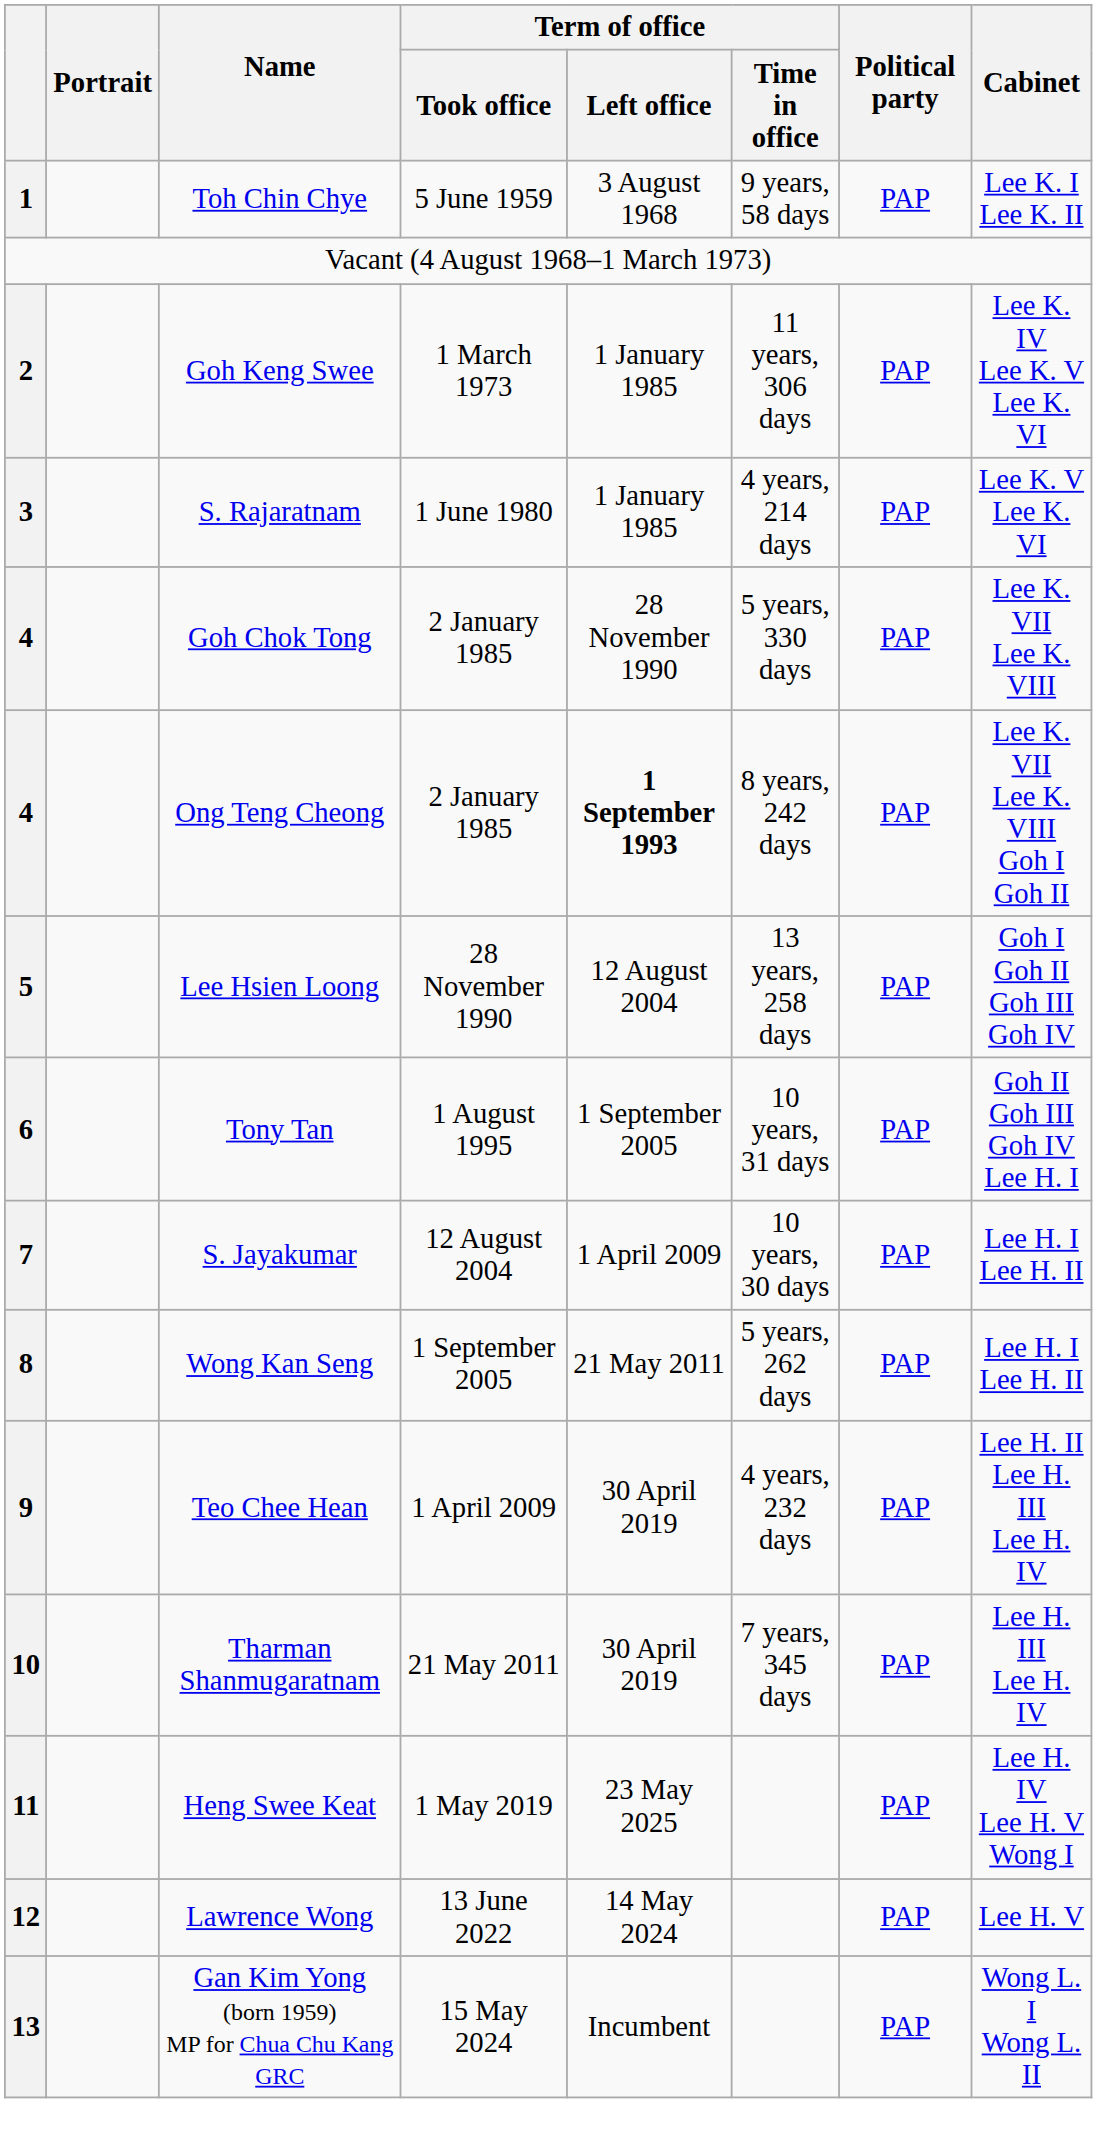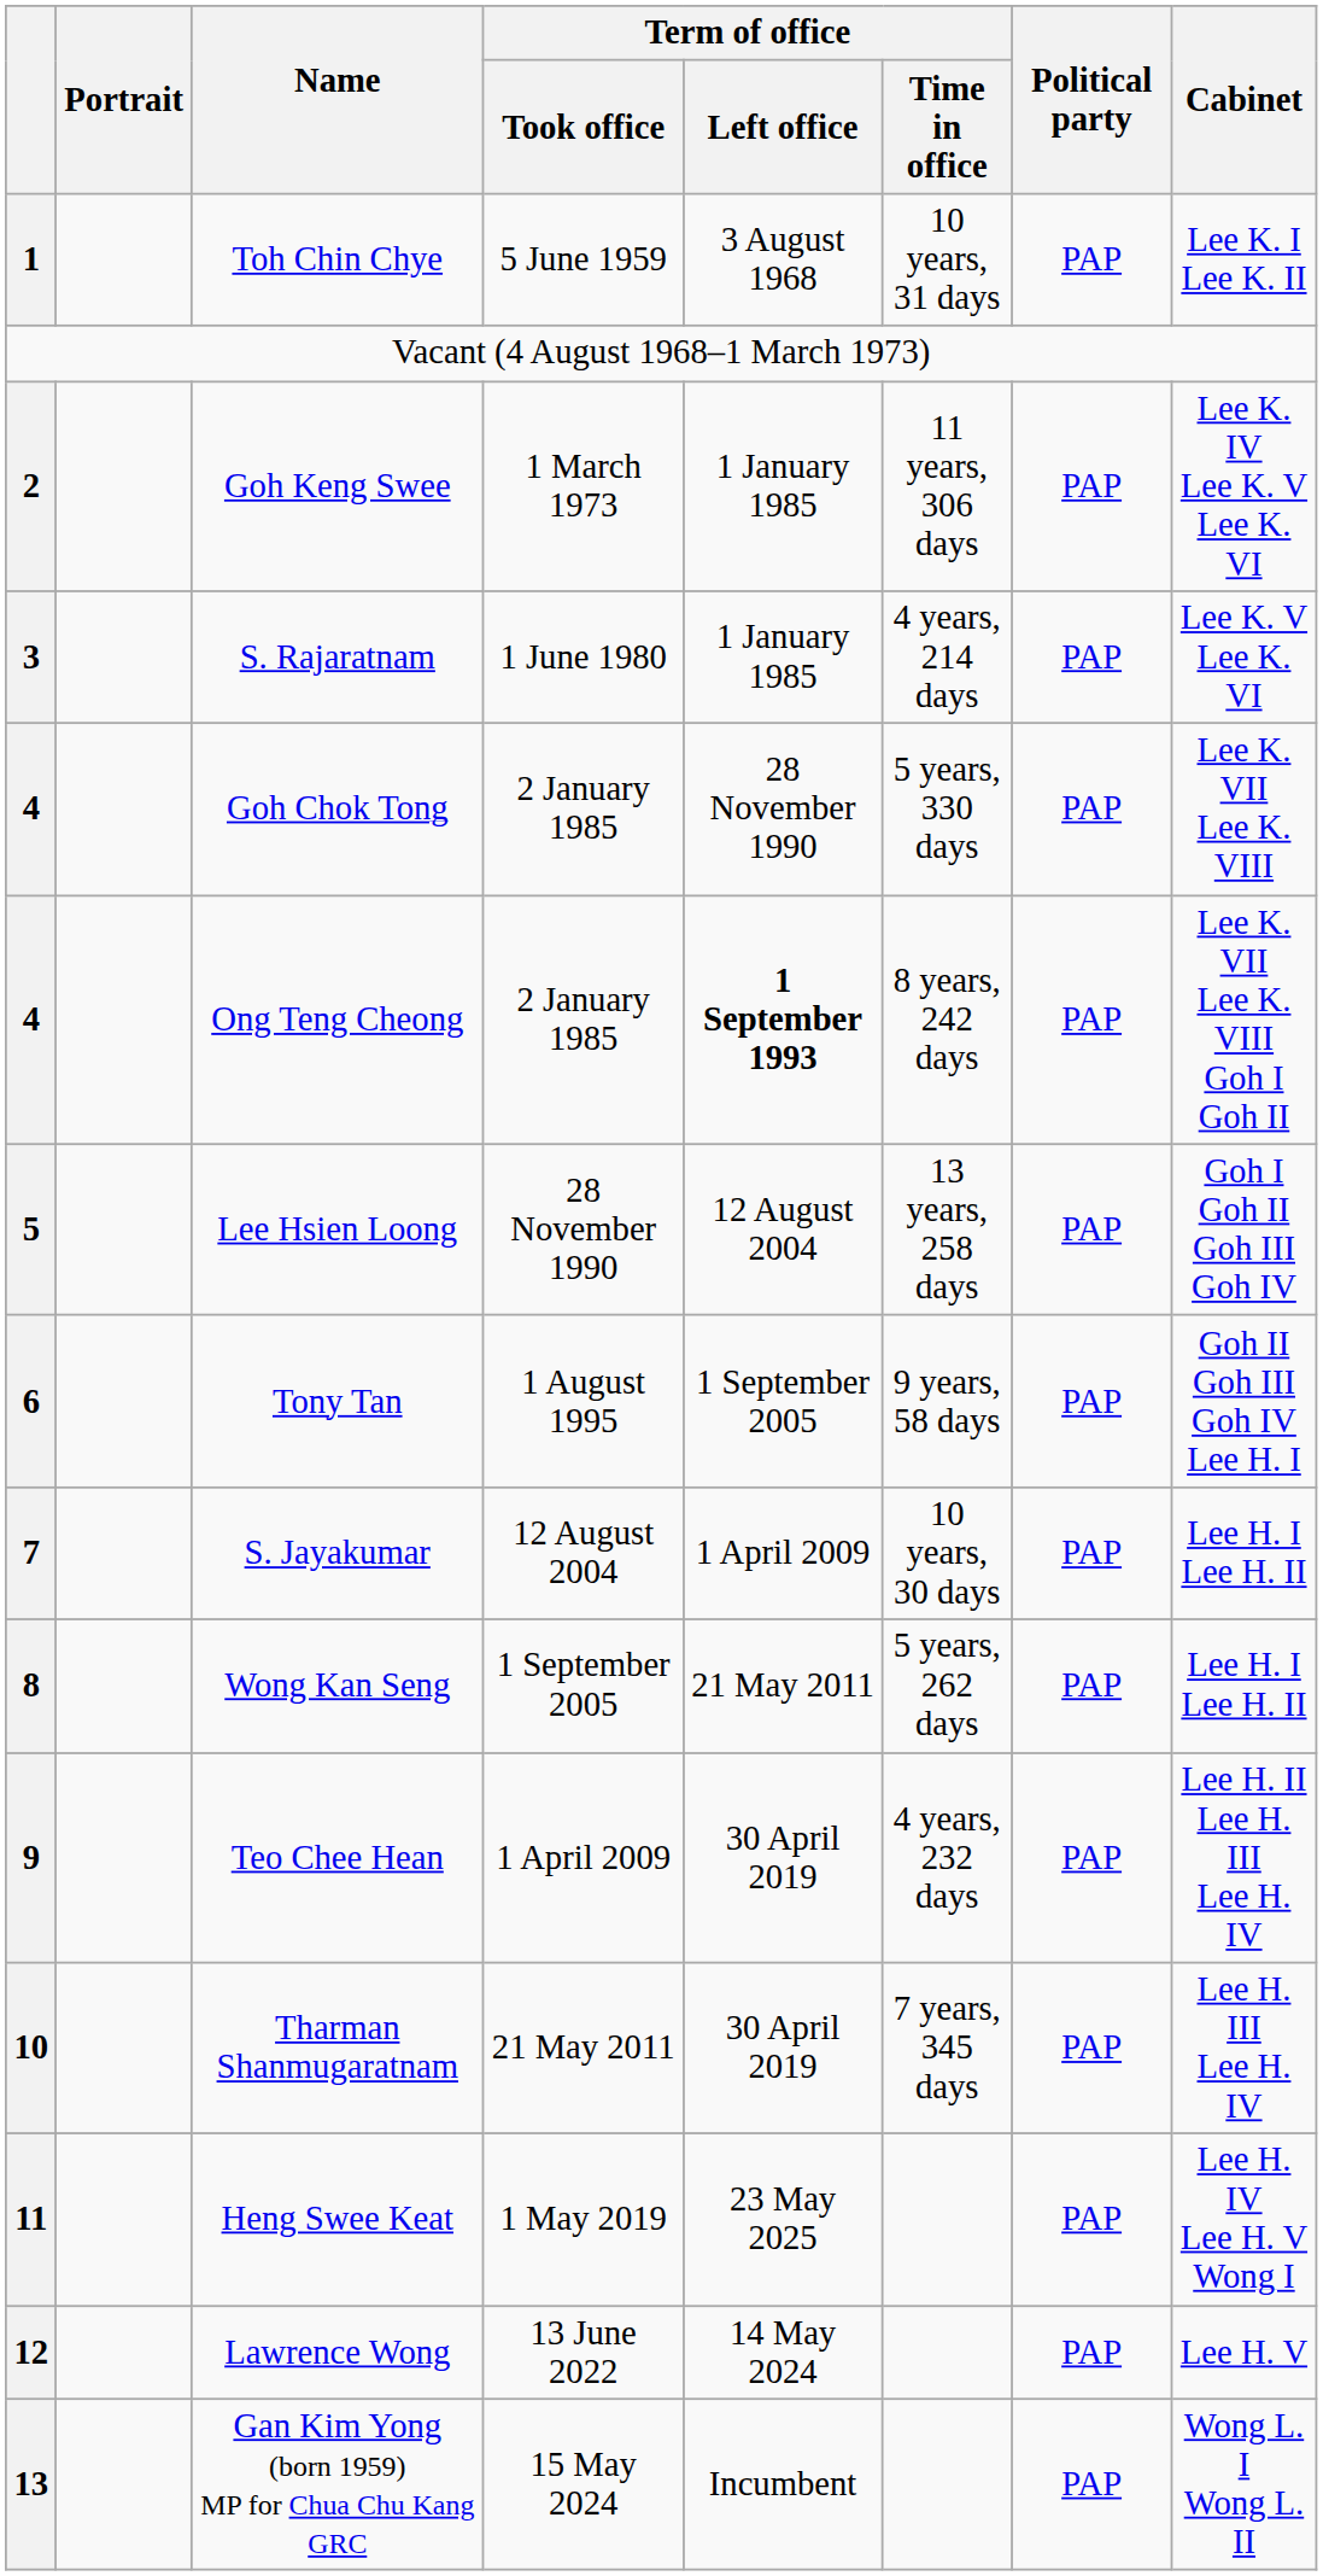 <table class="wikitable" style="text-align:center; border:1px #aaf solid;">
 <tr>
 <th rowspan="2"></th>
 <th rowspan="2">Portrait</th>
 <th rowspan="2">Name<br><br></th>
 <th colspan="3">Term of office</th>
 <th rowspan="2">Political party</th>
 <th rowspan="2">Cabinet</th>
 </tr>
 <tr>
 <th width="85">Took office</th>
 <th width="85">Left office</th>
 <th>Time in office</th>
 </tr>
 <tr>
 <th style="background:">1</th>
 <td></td>
 <td><a href='#'>Toh Chin Chye</a><br></td>
 <td>5 June 1959</td>
 <td>3 August 1968</td>
-<td>9 years,<br>58 days</td>
+<td>10 years,<br>31 days</td>
 <td><a href='#'>PAP</a></td>
 <td><a href='#'>Lee K. I</a><br><a href='#'>Lee K. II</a></td>
 </tr>
 <tr>
 <td colspan="8">Vacant (4 August 1968–1 March 1973)</td>
 </tr>
 <tr>
 <th style="background:">2</th>
 <td></td>
 <td><a href='#'>Goh Keng Swee</a><br></td>
 <td>1 March 1973</td>
 <td>1 January 1985</td>
 <td>11 years,<br>306 days</td>
 <td><a href='#'>PAP</a></td>
 <td><a href='#'>Lee K. IV</a><br><a href='#'>Lee K. V</a><br><a href='#'>Lee K. VI</a></td>
 </tr>
 <tr>
 <th style="background:">3</th>
 <td></td>
 <td><a href='#'>S. Rajaratnam</a><br></td>
 <td>1 June 1980</td>
 <td>1 January 1985</td>
 <td>4 years,<br>214 days</td>
 <td><a href='#'>PAP</a></td>
 <td><a href='#'>Lee K. V</a><br><a href='#'>Lee K. VI</a></td>
 </tr>
 <tr>
 <th style="background:">4</th>
 <td></td>
 <td><a href='#'>Goh Chok Tong</a><br></td>
 <td>2 January 1985</td>
 <td>28 November 1990</td>
 <td>5 years,<br>330 days</td>
 <td><a href='#'>PAP</a></td>
 <td><a href='#'>Lee K. VII</a><br><a href='#'>Lee K. VIII</a></td>
 </tr>
 <tr>
 <th style="background:">4</th>
 <td></td>
 <td><a href='#'>Ong Teng Cheong</a><br></td>
 <td>2 January 1985</td>
 <td><strong>1 September 1993</strong></td>
 <td>8 years,<br>242 days</td>
 <td><a href='#'>PAP</a></td>
 <td><a href='#'>Lee K. VII</a><br><a href='#'>Lee K. VIII</a><br><a href='#'>Goh I</a><br><a href='#'>Goh II</a></td>
 </tr>
 <tr>
 <th style="background:">5</th>
 <td></td>
 <td><a href='#'>Lee Hsien Loong</a><br></td>
 <td>28 November 1990</td>
 <td>12 August 2004</td>
 <td>13 years,<br>258 days</td>
 <td><a href='#'>PAP</a></td>
 <td><a href='#'>Goh I</a><br><a href='#'>Goh II</a><br><a href='#'>Goh III</a><br><a href='#'>Goh IV</a></td>
 </tr>
 <tr>
 <th style="background:">6</th>
 <td></td>
 <td><a href='#'>Tony Tan</a><br></td>
 <td>1 August 1995</td>
 <td>1 September 2005</td>
-<td>10 years,<br>31 days</td>
+<td>9 years,<br>58 days</td>
 <td><a href='#'>PAP</a></td>
 <td><a href='#'>Goh II</a><br><a href='#'>Goh III</a><br><a href='#'>Goh IV</a><br><a href='#'>Lee H. I</a></td>
 </tr>
 <tr>
 <th style="background:">7</th>
 <td></td>
 <td><a href='#'>S. Jayakumar</a><br></td>
 <td>12 August 2004</td>
 <td>1 April 2009</td>
 <td>10 years,<br>30 days</td>
 <td><a href='#'>PAP</a></td>
 <td><a href='#'>Lee H. I</a><br><a href='#'>Lee H. II</a></td>
 </tr>
 <tr>
 <th style="background:">8</th>
 <td></td>
 <td><a href='#'>Wong Kan Seng</a><br></td>
 <td>1 September 2005</td>
 <td>21 May 2011</td>
 <td>5 years,<br>262 days</td>
 <td><a href='#'>PAP</a></td>
 <td><a href='#'>Lee H. I</a><br><a href='#'>Lee H. II</a></td>
 </tr>
 <tr>
 <th style="background:">9</th>
 <td></td>
 <td><a href='#'>Teo Chee Hean</a><br></td>
 <td>1 April 2009</td>
 <td>30 April 2019</td>
 <td>4 years,<br>232 days</td>
 <td><a href='#'>PAP</a></td>
 <td><a href='#'>Lee H. II</a><br><a href='#'>Lee H. III</a><br><a href='#'>Lee H. IV</a><br></td>
 </tr>
 <tr>
 <th style="background:">10</th>
 <td></td>
 <td><a href='#'>Tharman Shanmugaratnam</a><br></td>
 <td>21 May 2011</td>
 <td>30 April 2019</td>
 <td>7 years,<br>345 days</td>
 <td><a href='#'>PAP</a></td>
 <td><a href='#'>Lee H. III</a><br><a href='#'>Lee H. IV</a></td>
 </tr>
 <tr>
 <th style="background:">11</th>
 <td></td>
 <td><a href='#'>Heng Swee Keat</a><br></td>
 <td>1 May 2019</td>
 <td>23 May 2025</td>
 <td></td>
 <td><a href='#'>PAP</a></td>
 <td><a href='#'>Lee H. IV</a><br><a href='#'>Lee H. V</a><br><a href='#'>Wong I</a></td>
 </tr>
 <tr>
 <th style="background:">12</th>
 <td></td>
 <td><a href='#'>Lawrence Wong</a><br></td>
 <td>13 June 2022</td>
 <td>14 May 2024</td>
 <td></td>
 <td><a href='#'>PAP</a></td>
 <td><a href='#'>Lee H. V</a></td>
 </tr>
 <tr>
 <th style="background:">13</th>
 <td></td>
 <td><a href='#'>Gan Kim Yong</a><br><small>(born 1959)</small><br><small>MP for <a href='#'>Chua Chu Kang GRC</a></small></td>
 <td>15 May 2024</td>
 <td>Incumbent</td>
 <td></td>
 <td><a href='#'>PAP</a></td>
 <td><a href='#'>Wong L. I</a> <br> <a href='#'>Wong L. II</a></td>
 </tr>
 </table>
